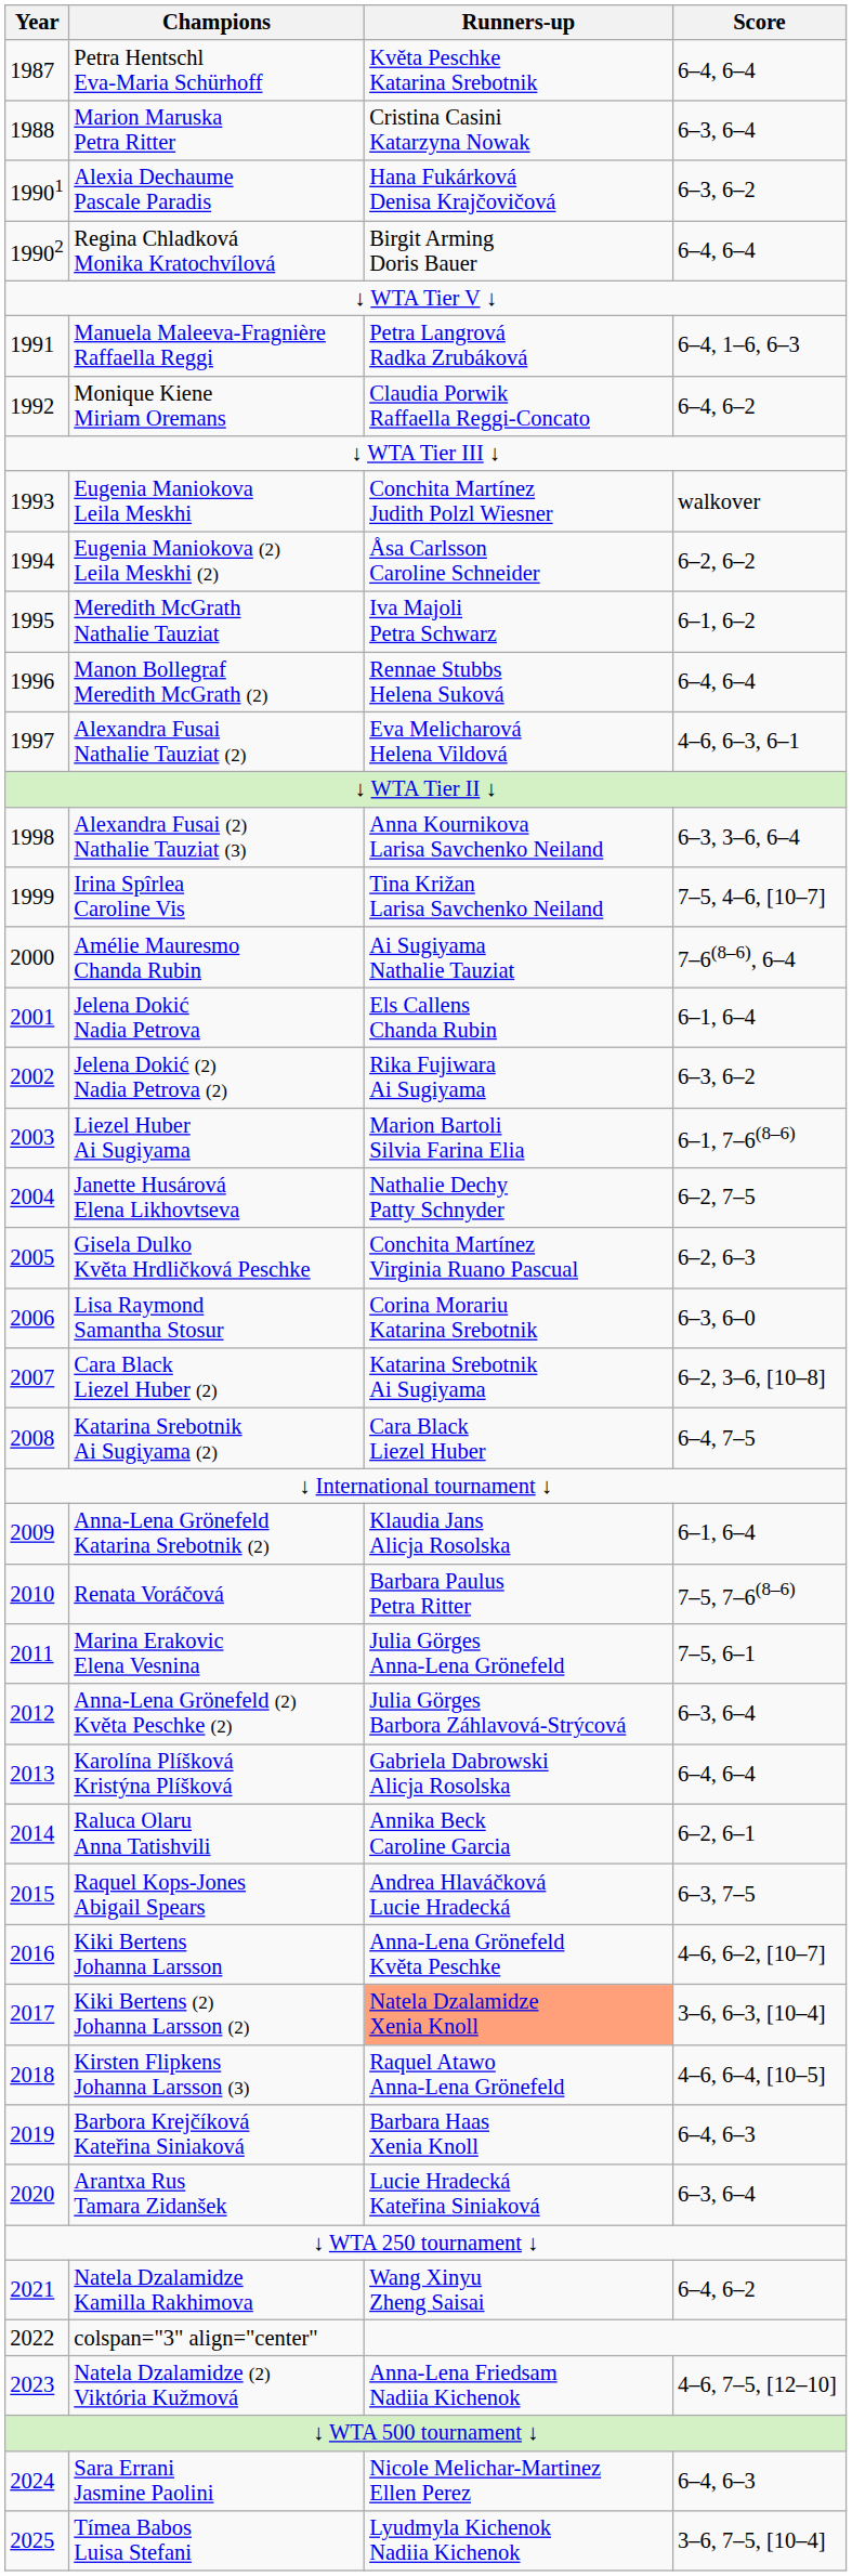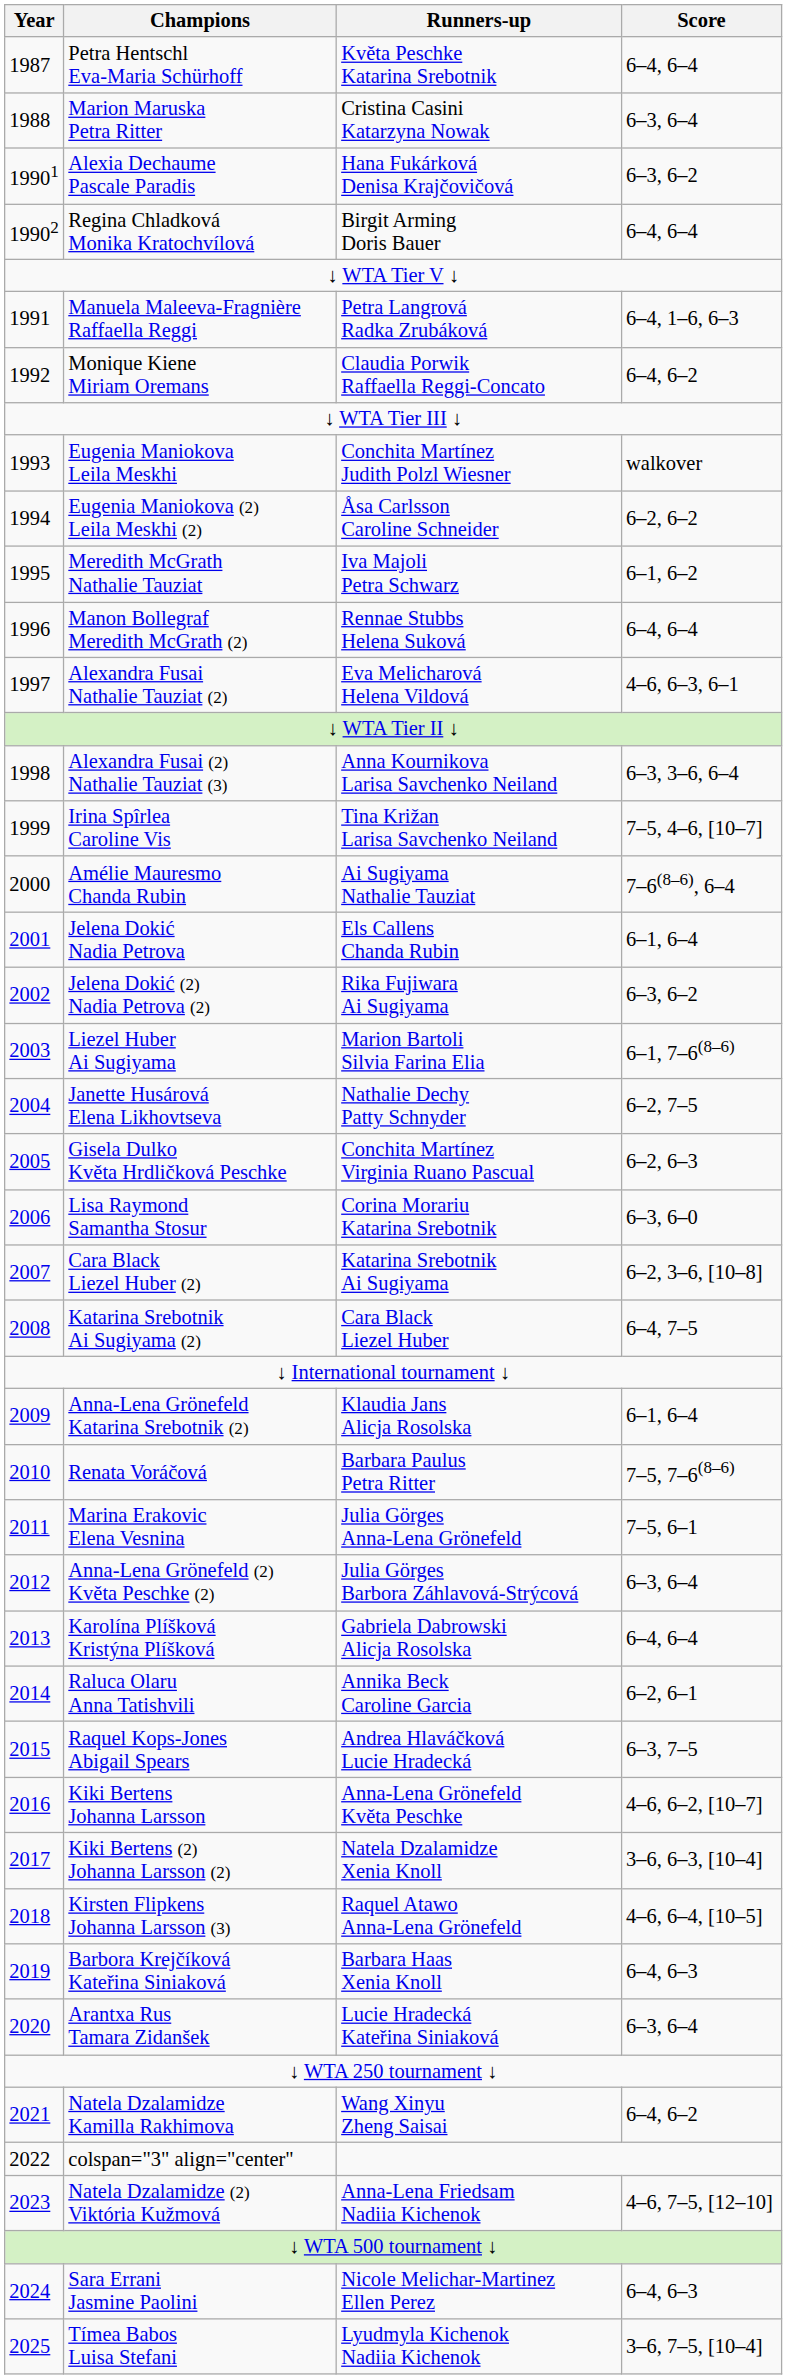 <table class="wikitable">
 <tr>
 <th width=30>Year</th>
 <th width=210>Champions</th>
 <th width=220>Runners-up</th>
 <th width=120>Score</th>
 </tr>
 <tr>
 <td>1987</td>
 <td> Petra Hentschl <br> <a href='#'>Eva-Maria Schürhoff</a></td>
 <td> <a href='#'>Květa Peschke</a><br> <a href='#'>Katarina Srebotnik</a></td>
 <td>6–4, 6–4</td>
 </tr>
 <tr>
 <td>1988</td>
 <td> <a href='#'>Marion Maruska</a> <br> <a href='#'>Petra Ritter</a></td>
 <td> Cristina Casini <br> <a href='#'>Katarzyna Nowak</a></td>
 <td>6–3, 6–4</td>
 </tr>
 <tr>
 <td>1990<sup>1</sup></td>
 <td> <a href='#'>Alexia Dechaume</a> <br> <a href='#'>Pascale Paradis</a></td>
 <td> <a href='#'>Hana Fukárková</a> <br> <a href='#'>Denisa Krajčovičová</a></td>
 <td>6–3, 6–2</td>
 </tr>
 <tr>
 <td>1990<sup>2</sup></td>
 <td> Regina Chladková <br> <a href='#'>Monika Kratochvílová</a></td>
 <td> Birgit Arming <br> Doris Bauer</td>
 <td>6–4, 6–4</td>
 </tr>
 <tr>
 <td colspan="4" align="center">↓ <a href='#'>WTA Tier V</a> ↓</td>
 </tr>
 <tr>
 <td>1991</td>
 <td> <a href='#'>Manuela Maleeva-Fragnière</a> <br> <a href='#'>Raffaella Reggi</a></td>
 <td> <a href='#'>Petra Langrová</a> <br> <a href='#'>Radka Zrubáková</a></td>
 <td>6–4, 1–6, 6–3</td>
 </tr>
 <tr>
 <td>1992</td>
 <td> Monique Kiene <br> <a href='#'>Miriam Oremans</a></td>
 <td> <a href='#'>Claudia Porwik</a> <br> <a href='#'>Raffaella Reggi-Concato</a></td>
 <td>6–4, 6–2</td>
 </tr>
 <tr>
 <td colspan="4" align="center">↓ <a href='#'>WTA Tier III</a> ↓</td>
 </tr>
 <tr>
 <td>1993</td>
 <td> <a href='#'>Eugenia Maniokova</a> <br> <a href='#'>Leila Meskhi</a></td>
 <td> <a href='#'>Conchita Martínez</a> <br> <a href='#'>Judith Polzl Wiesner</a></td>
 <td>walkover</td>
 </tr>
 <tr>
 <td>1994</td>
 <td> <a href='#'>Eugenia Maniokova</a> <small> (2) </small> <br> <a href='#'>Leila Meskhi</a> <small> (2) </small></td>
 <td> <a href='#'>Åsa Carlsson</a> <br> <a href='#'>Caroline Schneider</a></td>
 <td>6–2, 6–2</td>
 </tr>
 <tr>
 <td>1995</td>
 <td> <a href='#'>Meredith McGrath</a> <br> <a href='#'>Nathalie Tauziat</a></td>
 <td> <a href='#'>Iva Majoli</a> <br> <a href='#'>Petra Schwarz</a></td>
 <td>6–1, 6–2</td>
 </tr>
 <tr>
 <td>1996</td>
 <td> <a href='#'>Manon Bollegraf</a> <br> <a href='#'>Meredith McGrath</a> <small> (2) </small></td>
 <td> <a href='#'>Rennae Stubbs</a> <br> <a href='#'>Helena Suková</a></td>
 <td>6–4, 6–4</td>
 </tr>
 <tr>
 <td>1997</td>
 <td> <a href='#'>Alexandra Fusai</a> <br> <a href='#'>Nathalie Tauziat</a> <small> (2) </small></td>
 <td> <a href='#'>Eva Melicharová</a> <br> <a href='#'>Helena Vildová</a></td>
 <td>4–6, 6–3, 6–1</td>
 </tr>
 <tr>
 <td colspan=8 style=background:#D4F1C5 align=center>↓ <a href='#'>WTA Tier II</a> ↓</td>
 </tr>
 <tr>
 <td>1998</td>
 <td> <a href='#'>Alexandra Fusai</a> <small> (2) </small> <br> <a href='#'>Nathalie Tauziat</a> <small> (3) </small></td>
 <td> <a href='#'>Anna Kournikova</a> <br> <a href='#'>Larisa Savchenko Neiland</a></td>
 <td>6–3, 3–6, 6–4</td>
 </tr>
 <tr>
 <td>1999</td>
 <td> <a href='#'>Irina Spîrlea</a> <br> <a href='#'>Caroline Vis</a></td>
 <td> <a href='#'>Tina Križan</a> <br> <a href='#'>Larisa Savchenko Neiland</a></td>
 <td>7–5, 4–6, [10–7]</td>
 </tr>
 <tr>
 <td>2000</td>
 <td> <a href='#'>Amélie Mauresmo</a> <br> <a href='#'>Chanda Rubin</a></td>
 <td> <a href='#'>Ai Sugiyama</a> <br> <a href='#'>Nathalie Tauziat</a></td>
 <td>7–6<sup>(8–6)</sup>, 6–4</td>
 </tr>
 <tr>
 <td><a href='#'>2001</a></td>
 <td> <a href='#'>Jelena Dokić</a> <br> <a href='#'>Nadia Petrova</a></td>
 <td> <a href='#'>Els Callens</a> <br> <a href='#'>Chanda Rubin</a></td>
 <td>6–1, 6–4</td>
 </tr>
 <tr>
 <td><a href='#'>2002</a></td>
 <td> <a href='#'>Jelena Dokić</a> <small> (2) </small> <br> <a href='#'>Nadia Petrova</a> <small> (2) </small></td>
 <td> <a href='#'>Rika Fujiwara</a> <br> <a href='#'>Ai Sugiyama</a></td>
 <td>6–3, 6–2</td>
 </tr>
 <tr>
 <td><a href='#'>2003</a></td>
 <td> <a href='#'>Liezel Huber</a> <br> <a href='#'>Ai Sugiyama</a></td>
 <td> <a href='#'>Marion Bartoli</a> <br> <a href='#'>Silvia Farina Elia</a></td>
 <td>6–1, 7–6<sup>(8–6)</sup></td>
 </tr>
 <tr>
 <td><a href='#'>2004</a></td>
 <td> <a href='#'>Janette Husárová</a> <br> <a href='#'>Elena Likhovtseva</a></td>
 <td> <a href='#'>Nathalie Dechy</a> <br> <a href='#'>Patty Schnyder</a></td>
 <td>6–2, 7–5</td>
 </tr>
 <tr>
 <td><a href='#'>2005</a></td>
 <td> <a href='#'>Gisela Dulko</a> <br> <a href='#'>Květa Hrdličková Peschke</a></td>
 <td> <a href='#'>Conchita Martínez</a> <br> <a href='#'>Virginia Ruano Pascual</a></td>
 <td>6–2, 6–3</td>
 </tr>
 <tr>
 <td><a href='#'>2006</a></td>
 <td> <a href='#'>Lisa Raymond</a> <br> <a href='#'>Samantha Stosur</a></td>
 <td> <a href='#'>Corina Morariu</a> <br> <a href='#'>Katarina Srebotnik</a></td>
 <td>6–3, 6–0</td>
 </tr>
 <tr>
 <td><a href='#'>2007</a></td>
 <td> <a href='#'>Cara Black</a> <br> <a href='#'>Liezel Huber</a> <small> (2) </small></td>
 <td> <a href='#'>Katarina Srebotnik</a> <br> <a href='#'>Ai Sugiyama</a></td>
 <td>6–2, 3–6, [10–8]</td>
 </tr>
 <tr>
 <td><a href='#'>2008</a></td>
 <td> <a href='#'>Katarina Srebotnik</a><br> <a href='#'>Ai Sugiyama</a> <small> (2) </small></td>
 <td> <a href='#'>Cara Black</a><br> <a href='#'>Liezel Huber</a></td>
 <td>6–4, 7–5</td>
 </tr>
 <tr>
 <td colspan="4" align="center">↓ <a href='#'>International tournament</a> ↓</td>
 </tr>
 <tr>
 <td><a href='#'>2009</a></td>
 <td> <a href='#'>Anna-Lena Grönefeld</a><br> <a href='#'>Katarina Srebotnik</a> <small> (2) </small></td>
 <td> <a href='#'>Klaudia Jans</a><br> <a href='#'>Alicja Rosolska</a></td>
 <td>6–1, 6–4</td>
 </tr>
 <tr>
 <td><a href='#'>2010</a></td>
 <td> <a href='#'>Renata Voráčová</a><br></td>
 <td> <a href='#'>Barbara Paulus</a> <br> <a href='#'>Petra Ritter</a></td>
 <td>7–5, 7–6<sup>(8–6)</sup></td>
 </tr>
 <tr>
 <td><a href='#'>2011</a></td>
 <td> <a href='#'>Marina Erakovic</a><br> <a href='#'>Elena Vesnina</a></td>
 <td> <a href='#'>Julia Görges</a><br> <a href='#'>Anna-Lena Grönefeld</a></td>
 <td>7–5, 6–1</td>
 </tr>
 <tr>
 <td><a href='#'>2012</a></td>
 <td> <a href='#'>Anna-Lena Grönefeld</a> <small> (2) </small> <br> <a href='#'>Květa Peschke</a> <small> (2) </small></td>
 <td> <a href='#'>Julia Görges</a> <br>  <a href='#'>Barbora Záhlavová-Strýcová</a></td>
 <td>6–3, 6–4</td>
 </tr>
 <tr>
 <td><a href='#'>2013</a></td>
 <td> <a href='#'>Karolína Plíšková</a> <br> <a href='#'>Kristýna Plíšková</a></td>
 <td> <a href='#'>Gabriela Dabrowski</a> <br>  <a href='#'>Alicja Rosolska</a></td>
 <td>6–4, 6–4</td>
 </tr>
 <tr>
 <td><a href='#'>2014</a></td>
 <td> <a href='#'>Raluca Olaru</a> <br> <a href='#'>Anna Tatishvili</a></td>
 <td> <a href='#'>Annika Beck</a> <br>  <a href='#'>Caroline Garcia</a></td>
 <td>6–2, 6–1</td>
 </tr>
 <tr>
 <td><a href='#'>2015</a></td>
 <td> <a href='#'>Raquel Kops-Jones</a> <br> <a href='#'>Abigail Spears</a></td>
 <td> <a href='#'>Andrea Hlaváčková</a> <br>  <a href='#'>Lucie Hradecká</a></td>
 <td>6–3, 7–5</td>
 </tr>
 <tr>
 <td><a href='#'>2016</a></td>
 <td> <a href='#'>Kiki Bertens</a> <br> <a href='#'>Johanna Larsson</a></td>
 <td> <a href='#'>Anna-Lena Grönefeld</a> <br>  <a href='#'>Květa Peschke</a></td>
 <td>4–6, 6–2, [10–7]</td>
 </tr>
 <tr>
 <td><a href='#'>2017</a></td>
 <td> <a href='#'>Kiki Bertens</a> <small>(2)</small> <br> <a href='#'>Johanna Larsson</a> <small>(2)</small></td>
-<td style="background: lightsalmon;"> <a href='#'>Natela Dzalamidze</a> <br>  <a href='#'>Xenia Knoll</a></td>
+<td> <a href='#'>Natela Dzalamidze</a> <br>  <a href='#'>Xenia Knoll</a></td>
 <td>3–6, 6–3, [10–4]</td>
 </tr>
 <tr>
 <td><a href='#'>2018</a></td>
 <td> <a href='#'>Kirsten Flipkens</a> <br> <a href='#'>Johanna Larsson</a> <small>(3)</small></td>
 <td> <a href='#'>Raquel Atawo</a> <br>  <a href='#'>Anna-Lena Grönefeld</a></td>
 <td>4–6, 6–4, [10–5]</td>
 </tr>
 <tr>
 <td><a href='#'>2019</a></td>
 <td> <a href='#'>Barbora Krejčíková</a> <br> <a href='#'>Kateřina Siniaková</a></td>
 <td> <a href='#'>Barbara Haas</a> <br>  <a href='#'>Xenia Knoll</a></td>
 <td>6–4, 6–3</td>
 </tr>
 <tr>
 <td><a href='#'>2020</a></td>
 <td> <a href='#'>Arantxa Rus</a> <br> <a href='#'>Tamara Zidanšek</a></td>
 <td> <a href='#'>Lucie Hradecká</a> <br>  <a href='#'>Kateřina Siniaková</a></td>
 <td>6–3, 6–4</td>
 </tr>
 <tr>
 <td colspan="4" align="center">↓ <a href='#'>WTA 250 tournament</a> ↓</td>
 </tr>
 <tr>
 <td><a href='#'>2021</a></td>
 <td> <a href='#'>Natela Dzalamidze</a> <br> <a href='#'>Kamilla Rakhimova</a></td>
 <td> <a href='#'>Wang Xinyu</a> <br>  <a href='#'>Zheng Saisai</a></td>
 <td>6–4, 6–2</td>
 </tr>
 <tr>
 <td>2022</td>
 <td>colspan="3" align="center" </td>
 </tr>
 <tr>
 <td><a href='#'>2023</a></td>
 <td> <a href='#'>Natela Dzalamidze</a> <small>(2)</small> <br> <a href='#'>Viktória Kužmová</a></td>
 <td> <a href='#'>Anna-Lena Friedsam</a> <br>  <a href='#'>Nadiia Kichenok</a></td>
 <td>4–6, 7–5, [12–10]</td>
 </tr>
 <tr>
 <td colspan=8 style=background:#D4F1C5 align=center>↓ <a href='#'>WTA 500 tournament</a> ↓</td>
 </tr>
 <tr>
 <td><a href='#'>2024</a></td>
 <td> <a href='#'>Sara Errani</a> <br>  <a href='#'>Jasmine Paolini</a></td>
 <td> <a href='#'>Nicole Melichar-Martinez</a> <br>  <a href='#'>Ellen Perez</a></td>
 <td>6–4, 6–3</td>
 </tr>
 <tr>
 <td><a href='#'>2025</a></td>
 <td> <a href='#'>Tímea Babos</a> <br>  <a href='#'>Luisa Stefani</a></td>
 <td> <a href='#'>Lyudmyla Kichenok</a> <br>  <a href='#'>Nadiia Kichenok</a></td>
 <td>3–6, 7–5, [10–4]</td>
 </tr>
 </table>
